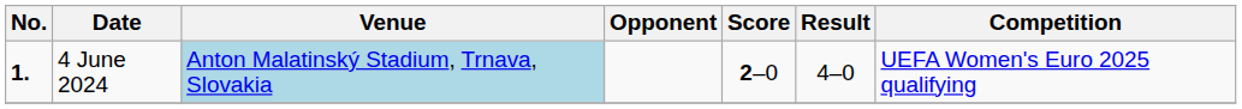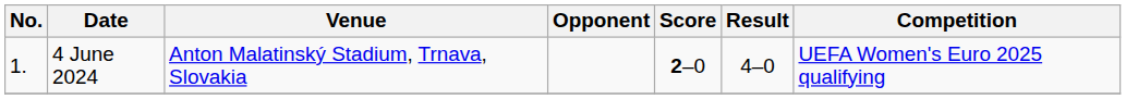 <table class="wikitable">
 <tr>
 <th>No.</th>
 <th>Date</th>
 <th>Venue</th>
 <th>Opponent</th>
 <th>Score</th>
 <th>Result</th>
 <th>Competition</th>
 </tr>
 <tr>
-<td><strong>1.</strong></td>
+<td>1.</td>
 <td>4 June 2024</td>
-<td style="background: lightblue;"><a href='#'>Anton Malatinský Stadium</a>, <a href='#'>Trnava</a>, <a href='#'>Slovakia</a></td>
+<td><a href='#'>Anton Malatinský Stadium</a>, <a href='#'>Trnava</a>, <a href='#'>Slovakia</a></td>
 <td></td>
 <td align=center><strong>2</strong>–0</td>
 <td align=center>4–0</td>
 <td><a href='#'>UEFA Women's Euro 2025 qualifying</a></td>
 </tr>
 <tr>
 </tr>
 </table>
